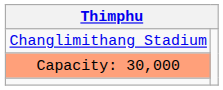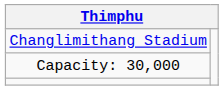 <table class="wikitable" style="text-align:center;margin:1em auto;">
 <tr>
 <th colspan=2><a href='#'>Thimphu</a></th>
 </tr>
 <tr>
 <td><a href='#'>Changlimithang Stadium</a></td>
 <td rowspan=3></td>
 </tr>
 <tr>
-<td style="background: lightsalmon;">Capacity: 30,000</td>
+<td>Capacity: 30,000</td>
 </tr>
 <tr>
 <td></td>
 </tr>
 </table>
